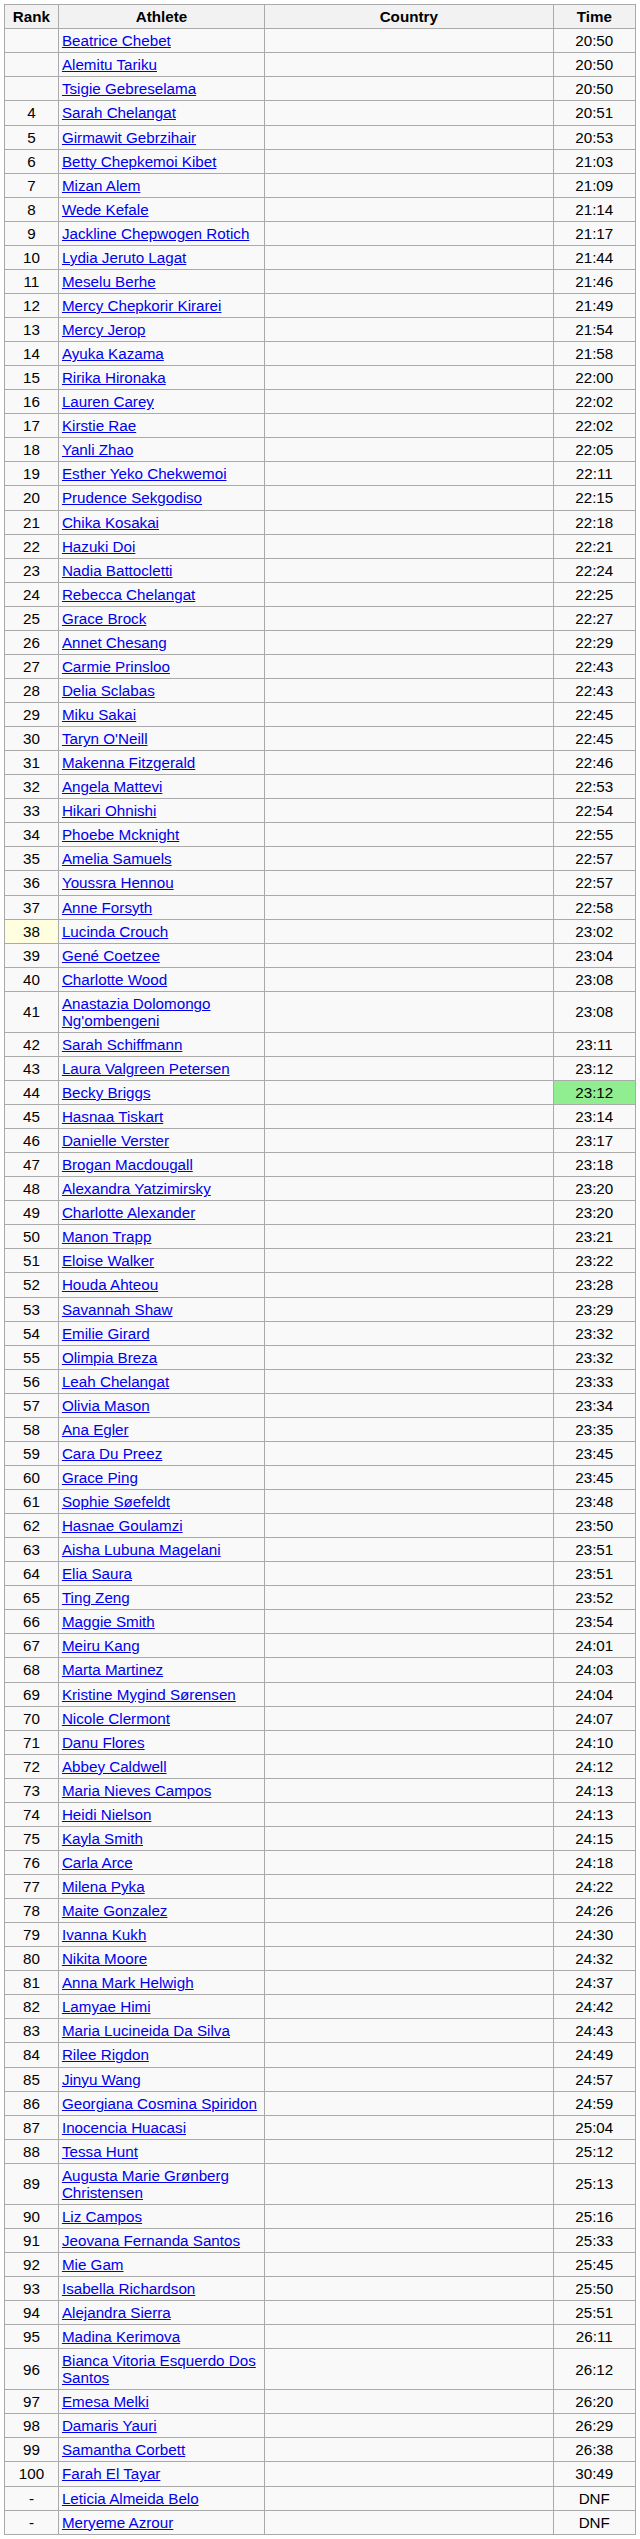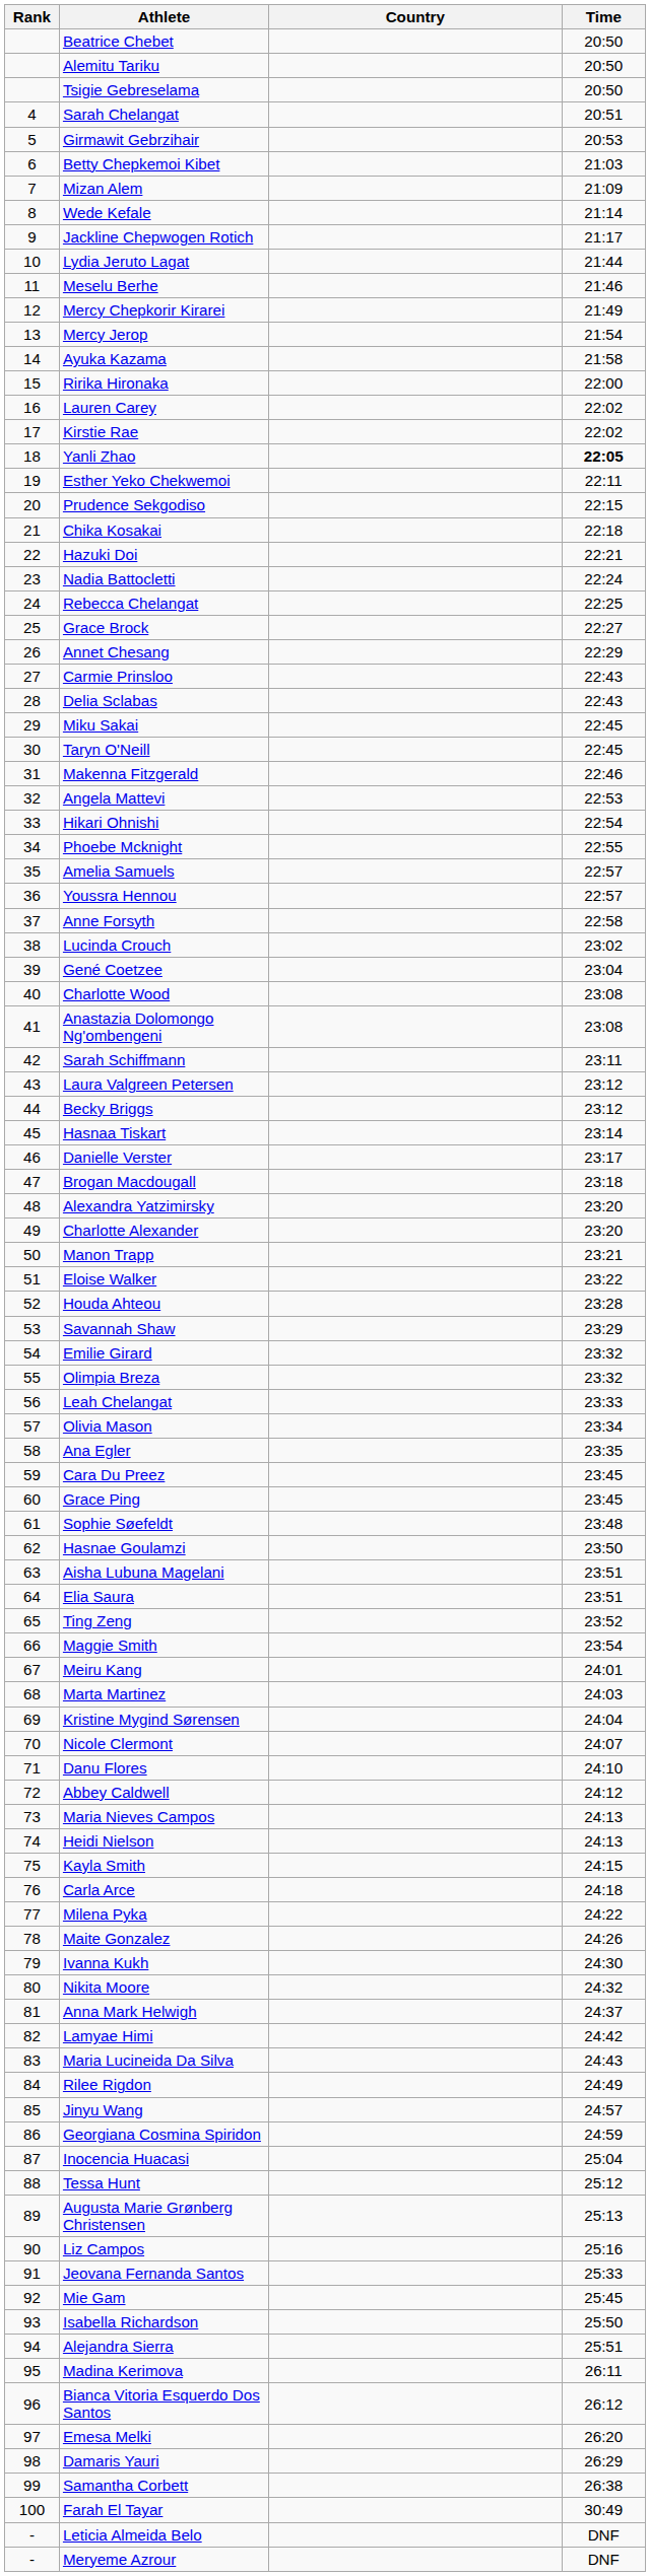 <table class="wikitable sortable" style=" text-align:center; font-size:95%;" width="50%">
 <tr>
 <th width=5%>Rank</th>
 <th width=25%>Athlete</th>
 <th width=35%>Country</th>
 <th width=10%>Time</th>
 </tr>
 <tr>
 <td align=center></td>
 <td align=left><a href='#'>Beatrice Chebet</a></td>
 <td align=left></td>
 <td>20:50</td>
 </tr>
 <tr>
 <td align=center></td>
 <td align=left><a href='#'>Alemitu Tariku</a></td>
 <td align=left></td>
 <td>20:50</td>
 </tr>
 <tr>
 <td align=center></td>
 <td align=left><a href='#'>Tsigie Gebreselama</a></td>
 <td align=left></td>
 <td>20:50</td>
 </tr>
 <tr>
 <td align=center>4</td>
 <td align=left><a href='#'>Sarah Chelangat</a></td>
 <td align=left></td>
 <td>20:51</td>
 </tr>
 <tr>
 <td align=center>5</td>
 <td align=left><a href='#'>Girmawit Gebrzihair</a></td>
 <td align=left></td>
 <td>20:53</td>
 </tr>
 <tr>
 <td align=center>6</td>
 <td align=left><a href='#'>Betty Chepkemoi Kibet</a></td>
 <td align=left></td>
 <td>21:03</td>
 </tr>
 <tr>
 <td align=center>7</td>
 <td align=left><a href='#'>Mizan Alem</a></td>
 <td align=left></td>
 <td>21:09</td>
 </tr>
 <tr>
 <td align=center>8</td>
 <td align=left><a href='#'>Wede Kefale</a></td>
 <td align=left></td>
 <td>21:14</td>
 </tr>
 <tr>
 <td align=center>9</td>
 <td align=left><a href='#'>Jackline Chepwogen Rotich</a></td>
 <td align=left></td>
 <td>21:17</td>
 </tr>
 <tr>
 <td align=center>10</td>
 <td align=left><a href='#'>Lydia Jeruto Lagat</a></td>
 <td align=left></td>
 <td>21:44</td>
 </tr>
 <tr>
 <td align=center>11</td>
 <td align=left><a href='#'>Meselu Berhe</a></td>
 <td align=left></td>
 <td>21:46</td>
 </tr>
 <tr>
 <td align=center>12</td>
 <td align=left><a href='#'>Mercy Chepkorir Kirarei</a></td>
 <td align=left></td>
 <td>21:49</td>
 </tr>
 <tr>
 <td align=center>13</td>
 <td align=left><a href='#'>Mercy Jerop</a></td>
 <td align=left></td>
 <td>21:54</td>
 </tr>
 <tr>
 <td align=center>14</td>
 <td align=left><a href='#'>Ayuka Kazama</a></td>
 <td align=left></td>
 <td>21:58</td>
 </tr>
 <tr>
 <td align=center>15</td>
 <td align=left><a href='#'>Ririka Hironaka</a></td>
 <td align=left></td>
 <td>22:00</td>
 </tr>
 <tr>
 <td align=center>16</td>
 <td align=left><a href='#'>Lauren Carey</a></td>
 <td align=left></td>
 <td>22:02</td>
 </tr>
 <tr>
 <td align=center>17</td>
 <td align=left><a href='#'>Kirstie Rae</a></td>
 <td align=left></td>
 <td>22:02</td>
 </tr>
 <tr>
 <td align=center>18</td>
 <td align=left><a href='#'>Yanli Zhao</a></td>
 <td align=left></td>
-<td>22:05</td>
+<td><strong>22:05</strong></td>
 </tr>
 <tr>
 <td align=center>19</td>
 <td align=left><a href='#'>Esther Yeko Chekwemoi</a></td>
 <td align=left></td>
 <td>22:11</td>
 </tr>
 <tr>
 <td align=center>20</td>
 <td align=left><a href='#'>Prudence Sekgodiso</a></td>
 <td align=left></td>
 <td>22:15</td>
 </tr>
 <tr>
 <td align=center>21</td>
 <td align=left><a href='#'>Chika Kosakai</a></td>
 <td align=left></td>
 <td>22:18</td>
 </tr>
 <tr>
 <td align=center>22</td>
 <td align=left><a href='#'>Hazuki Doi</a></td>
 <td align=left></td>
 <td>22:21</td>
 </tr>
 <tr>
 <td align=center>23</td>
 <td align=left><a href='#'>Nadia Battocletti</a></td>
 <td align=left></td>
 <td>22:24</td>
 </tr>
 <tr>
 <td align=center>24</td>
 <td align=left><a href='#'>Rebecca Chelangat</a></td>
 <td align=left></td>
 <td>22:25</td>
 </tr>
 <tr>
 <td align=center>25</td>
 <td align=left><a href='#'>Grace Brock</a></td>
 <td align=left></td>
 <td>22:27</td>
 </tr>
 <tr>
 <td align=center>26</td>
 <td align=left><a href='#'>Annet Chesang</a></td>
 <td align=left></td>
 <td>22:29</td>
 </tr>
 <tr>
 <td align=center>27</td>
 <td align=left><a href='#'>Carmie Prinsloo</a></td>
 <td align=left></td>
 <td>22:43</td>
 </tr>
 <tr>
 <td align=center>28</td>
 <td align=left><a href='#'>Delia Sclabas</a></td>
 <td align=left></td>
 <td>22:43</td>
 </tr>
 <tr>
 <td align=center>29</td>
 <td align=left><a href='#'>Miku Sakai</a></td>
 <td align=left></td>
 <td>22:45</td>
 </tr>
 <tr>
 <td align=center>30</td>
 <td align=left><a href='#'>Taryn O'Neill</a></td>
 <td align=left></td>
 <td>22:45</td>
 </tr>
 <tr>
 <td align=center>31</td>
 <td align=left><a href='#'>Makenna Fitzgerald</a></td>
 <td align=left></td>
 <td>22:46</td>
 </tr>
 <tr>
 <td align=center>32</td>
 <td align=left><a href='#'>Angela Mattevi</a></td>
 <td align=left></td>
 <td>22:53</td>
 </tr>
 <tr>
 <td align=center>33</td>
 <td align=left><a href='#'>Hikari Ohnishi</a></td>
 <td align=left></td>
 <td>22:54</td>
 </tr>
 <tr>
 <td align=center>34</td>
 <td align=left><a href='#'>Phoebe Mcknight</a></td>
 <td align=left></td>
 <td>22:55</td>
 </tr>
 <tr>
 <td align=center>35</td>
 <td align=left><a href='#'>Amelia Samuels</a></td>
 <td align=left></td>
 <td>22:57</td>
 </tr>
 <tr>
 <td align=center>36</td>
 <td align=left><a href='#'>Youssra Hennou</a></td>
 <td align=left></td>
 <td>22:57</td>
 </tr>
 <tr>
 <td align=center>37</td>
 <td align=left><a href='#'>Anne Forsyth</a></td>
 <td align=left></td>
 <td>22:58</td>
 </tr>
 <tr>
-<td align=center style="background: lightyellow;">38</td>
+<td align=center>38</td>
 <td align=left><a href='#'>Lucinda Crouch</a></td>
 <td align=left></td>
 <td>23:02</td>
 </tr>
 <tr>
 <td align=center>39</td>
 <td align=left><a href='#'>Gené Coetzee</a></td>
 <td align=left></td>
 <td>23:04</td>
 </tr>
 <tr>
 <td align=center>40</td>
 <td align=left><a href='#'>Charlotte Wood</a></td>
 <td align=left></td>
 <td>23:08</td>
 </tr>
 <tr>
 <td align=center>41</td>
 <td align=left><a href='#'>Anastazia Dolomongo Ng'ombengeni</a></td>
 <td align=left></td>
 <td>23:08</td>
 </tr>
 <tr>
 <td align=center>42</td>
 <td align=left><a href='#'>Sarah Schiffmann</a></td>
 <td align=left></td>
 <td>23:11</td>
 </tr>
 <tr>
 <td align=center>43</td>
 <td align=left><a href='#'>Laura Valgreen Petersen</a></td>
 <td align=left></td>
 <td>23:12</td>
 </tr>
 <tr>
 <td align=center>44</td>
 <td align=left><a href='#'>Becky Briggs</a></td>
 <td align=left></td>
-<td style="background: lightgreen;">23:12</td>
+<td>23:12</td>
 </tr>
 <tr>
 <td align=center>45</td>
 <td align=left><a href='#'>Hasnaa Tiskart</a></td>
 <td align=left></td>
 <td>23:14</td>
 </tr>
 <tr>
 <td align=center>46</td>
 <td align=left><a href='#'>Danielle Verster</a></td>
 <td align=left></td>
 <td>23:17</td>
 </tr>
 <tr>
 <td align=center>47</td>
 <td align=left><a href='#'>Brogan Macdougall</a></td>
 <td align=left></td>
 <td>23:18</td>
 </tr>
 <tr>
 <td align=center>48</td>
 <td align=left><a href='#'>Alexandra Yatzimirsky</a></td>
 <td align=left></td>
 <td>23:20</td>
 </tr>
 <tr>
 <td align=center>49</td>
 <td align=left><a href='#'>Charlotte Alexander</a></td>
 <td align=left></td>
 <td>23:20</td>
 </tr>
 <tr>
 <td align=center>50</td>
 <td align=left><a href='#'>Manon Trapp</a></td>
 <td align=left></td>
 <td>23:21</td>
 </tr>
 <tr>
 <td align=center>51</td>
 <td align=left><a href='#'>Eloise Walker</a></td>
 <td align=left></td>
 <td>23:22</td>
 </tr>
 <tr>
 <td align=center>52</td>
 <td align=left><a href='#'>Houda Ahteou</a></td>
 <td align=left></td>
 <td>23:28</td>
 </tr>
 <tr>
 <td align=center>53</td>
 <td align=left><a href='#'>Savannah Shaw</a></td>
 <td align=left></td>
 <td>23:29</td>
 </tr>
 <tr>
 <td align=center>54</td>
 <td align=left><a href='#'>Emilie Girard</a></td>
 <td align=left></td>
 <td>23:32</td>
 </tr>
 <tr>
 <td align=center>55</td>
 <td align=left><a href='#'>Olimpia Breza</a></td>
 <td align=left></td>
 <td>23:32</td>
 </tr>
 <tr>
 <td align=center>56</td>
 <td align=left><a href='#'>Leah Chelangat</a></td>
 <td align=left></td>
 <td>23:33</td>
 </tr>
 <tr>
 <td align=center>57</td>
 <td align=left><a href='#'>Olivia Mason</a></td>
 <td align=left></td>
 <td>23:34</td>
 </tr>
 <tr>
 <td align=center>58</td>
 <td align=left><a href='#'>Ana Egler</a></td>
 <td align=left></td>
 <td>23:35</td>
 </tr>
 <tr>
 <td align=center>59</td>
 <td align=left><a href='#'>Cara Du Preez</a></td>
 <td align=left></td>
 <td>23:45</td>
 </tr>
 <tr>
 <td align=center>60</td>
 <td align=left><a href='#'>Grace Ping</a></td>
 <td align=left></td>
 <td>23:45</td>
 </tr>
 <tr>
 <td align=center>61</td>
 <td align=left><a href='#'>Sophie Søefeldt</a></td>
 <td align=left></td>
 <td>23:48</td>
 </tr>
 <tr>
 <td align=center>62</td>
 <td align=left><a href='#'>Hasnae Goulamzi</a></td>
 <td align=left></td>
 <td>23:50</td>
 </tr>
 <tr>
 <td align=center>63</td>
 <td align=left><a href='#'>Aisha Lubuna Magelani</a></td>
 <td align=left></td>
 <td>23:51</td>
 </tr>
 <tr>
 <td align=center>64</td>
 <td align=left><a href='#'>Elia Saura</a></td>
 <td align=left></td>
 <td>23:51</td>
 </tr>
 <tr>
 <td align=center>65</td>
 <td align=left><a href='#'>Ting Zeng</a></td>
 <td align=left></td>
 <td>23:52</td>
 </tr>
 <tr>
 <td align=center>66</td>
 <td align=left><a href='#'>Maggie Smith</a></td>
 <td align=left></td>
 <td>23:54</td>
 </tr>
 <tr>
 <td align=center>67</td>
 <td align=left><a href='#'>Meiru Kang</a></td>
 <td align=left></td>
 <td>24:01</td>
 </tr>
 <tr>
 <td align=center>68</td>
 <td align=left><a href='#'>Marta Martinez</a></td>
 <td align=left></td>
 <td>24:03</td>
 </tr>
 <tr>
 <td align=center>69</td>
 <td align=left><a href='#'>Kristine Mygind Sørensen</a></td>
 <td align=left></td>
 <td>24:04</td>
 </tr>
 <tr>
 <td align=center>70</td>
 <td align=left><a href='#'>Nicole Clermont</a></td>
 <td align=left></td>
 <td>24:07</td>
 </tr>
 <tr>
 <td align=center>71</td>
 <td align=left><a href='#'>Danu Flores</a></td>
 <td align=left></td>
 <td>24:10</td>
 </tr>
 <tr>
 <td align=center>72</td>
 <td align=left><a href='#'>Abbey Caldwell</a></td>
 <td align=left></td>
 <td>24:12</td>
 </tr>
 <tr>
 <td align=center>73</td>
 <td align=left><a href='#'>Maria Nieves Campos</a></td>
 <td align=left></td>
 <td>24:13</td>
 </tr>
 <tr>
 <td align=center>74</td>
 <td align=left><a href='#'>Heidi Nielson</a></td>
 <td align=left></td>
 <td>24:13</td>
 </tr>
 <tr>
 <td align=center>75</td>
 <td align=left><a href='#'>Kayla Smith</a></td>
 <td align=left></td>
 <td>24:15</td>
 </tr>
 <tr>
 <td align=center>76</td>
 <td align=left><a href='#'>Carla Arce</a></td>
 <td align=left></td>
 <td>24:18</td>
 </tr>
 <tr>
 <td align=center>77</td>
 <td align=left><a href='#'>Milena Pyka</a></td>
 <td align=left></td>
 <td>24:22</td>
 </tr>
 <tr>
 <td align=center>78</td>
 <td align=left><a href='#'>Maite Gonzalez</a></td>
 <td align=left></td>
 <td>24:26</td>
 </tr>
 <tr>
 <td align=center>79</td>
 <td align=left><a href='#'>Ivanna Kukh</a></td>
 <td align=left></td>
 <td>24:30</td>
 </tr>
 <tr>
 <td align=center>80</td>
 <td align=left><a href='#'>Nikita Moore</a></td>
 <td align=left></td>
 <td>24:32</td>
 </tr>
 <tr>
 <td align=center>81</td>
 <td align=left><a href='#'>Anna Mark Helwigh</a></td>
 <td align=left></td>
 <td>24:37</td>
 </tr>
 <tr>
 <td align=center>82</td>
 <td align=left><a href='#'>Lamyae Himi</a></td>
 <td align=left></td>
 <td>24:42</td>
 </tr>
 <tr>
 <td align=center>83</td>
 <td align=left><a href='#'>Maria Lucineida Da Silva</a></td>
 <td align=left></td>
 <td>24:43</td>
 </tr>
 <tr>
 <td align=center>84</td>
 <td align=left><a href='#'>Rilee Rigdon</a></td>
 <td align=left></td>
 <td>24:49</td>
 </tr>
 <tr>
 <td align=center>85</td>
 <td align=left><a href='#'>Jinyu Wang</a></td>
 <td align=left></td>
 <td>24:57</td>
 </tr>
 <tr>
 <td align=center>86</td>
 <td align=left><a href='#'>Georgiana Cosmina Spiridon</a></td>
 <td align=left></td>
 <td>24:59</td>
 </tr>
 <tr>
 <td align=center>87</td>
 <td align=left><a href='#'>Inocencia Huacasi</a></td>
 <td align=left></td>
 <td>25:04</td>
 </tr>
 <tr>
 <td align=center>88</td>
 <td align=left><a href='#'>Tessa Hunt</a></td>
 <td align=left></td>
 <td>25:12</td>
 </tr>
 <tr>
 <td align=center>89</td>
 <td align=left><a href='#'>Augusta Marie Grønberg Christensen</a></td>
 <td align=left></td>
 <td>25:13</td>
 </tr>
 <tr>
 <td align=center>90</td>
 <td align=left><a href='#'>Liz Campos</a></td>
 <td align=left></td>
 <td>25:16</td>
 </tr>
 <tr>
 <td align=center>91</td>
 <td align=left><a href='#'>Jeovana Fernanda Santos</a></td>
 <td align=left></td>
 <td>25:33</td>
 </tr>
 <tr>
 <td align=center>92</td>
 <td align=left><a href='#'>Mie Gam</a></td>
 <td align=left></td>
 <td>25:45</td>
 </tr>
 <tr>
 <td align=center>93</td>
 <td align=left><a href='#'>Isabella Richardson</a></td>
 <td align=left></td>
 <td>25:50</td>
 </tr>
 <tr>
 <td align=center>94</td>
 <td align=left><a href='#'>Alejandra Sierra</a></td>
 <td align=left></td>
 <td>25:51</td>
 </tr>
 <tr>
 <td align=center>95</td>
 <td align=left><a href='#'>Madina Kerimova</a></td>
 <td align=left></td>
 <td>26:11</td>
 </tr>
 <tr>
 <td align=center>96</td>
 <td align=left><a href='#'>Bianca Vitoria Esquerdo Dos Santos</a></td>
 <td align=left></td>
 <td>26:12</td>
 </tr>
 <tr>
 <td align=center>97</td>
 <td align=left><a href='#'>Emesa Melki</a></td>
 <td align=left></td>
 <td>26:20</td>
 </tr>
 <tr>
 <td align=center>98</td>
 <td align=left><a href='#'>Damaris Yauri</a></td>
 <td align=left></td>
 <td>26:29</td>
 </tr>
 <tr>
 <td align=center>99</td>
 <td align=left><a href='#'>Samantha Corbett</a></td>
 <td align=left></td>
 <td>26:38</td>
 </tr>
 <tr>
 <td align=center>100</td>
 <td align=left><a href='#'>Farah El Tayar</a></td>
 <td align=left></td>
 <td>30:49</td>
 </tr>
 <tr>
 <td align=center>-</td>
 <td align=left><a href='#'>Leticia Almeida Belo</a></td>
 <td align=left></td>
 <td>DNF</td>
 </tr>
 <tr>
 <td align=center>-</td>
 <td align=left><a href='#'>Meryeme Azrour</a></td>
 <td align=left></td>
 <td>DNF</td>
 </tr>
 </table>
